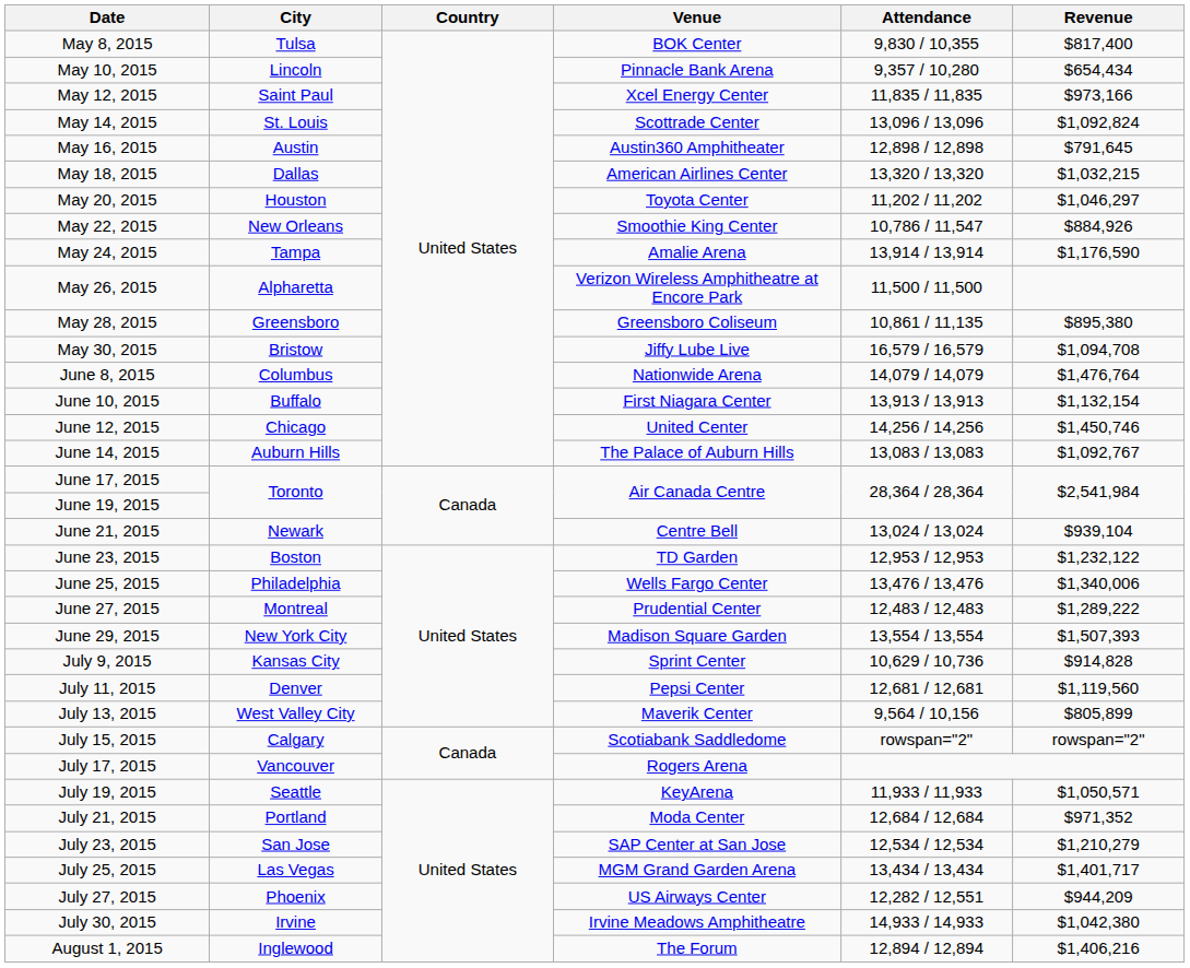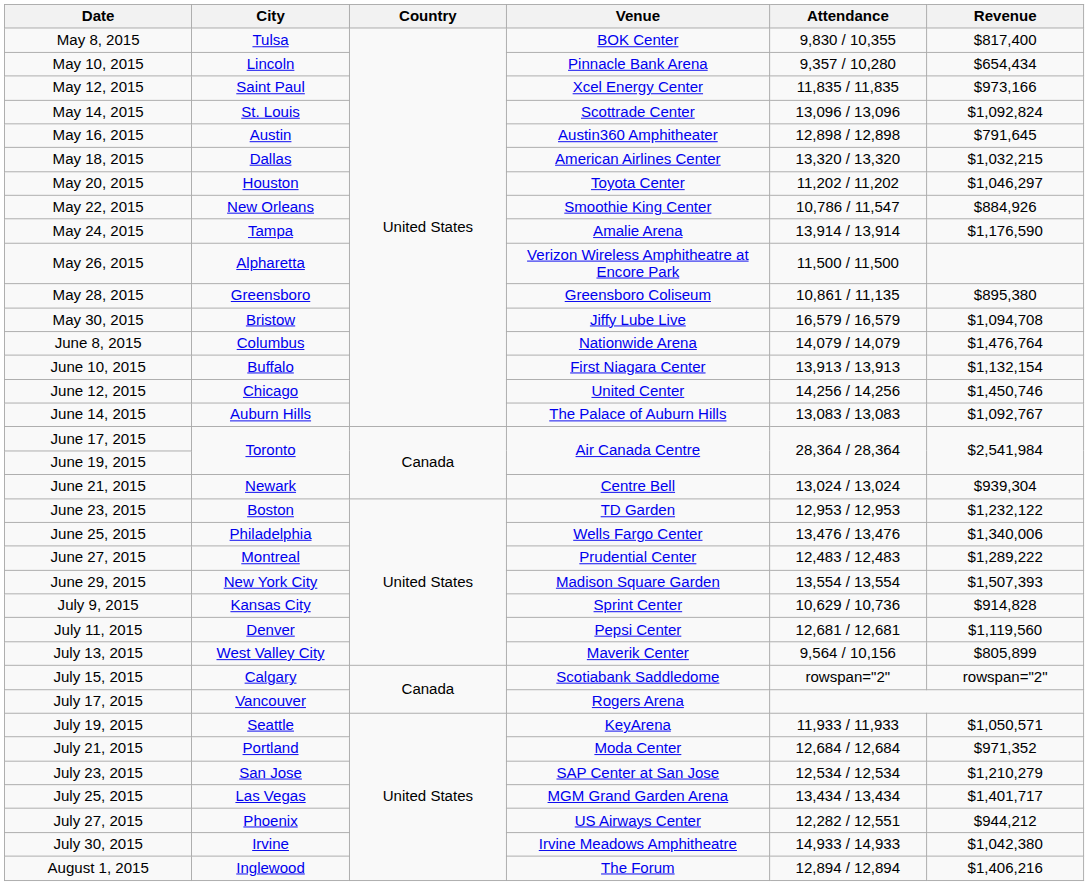 <table class="wikitable" style="text-align:center;">
 <tr>
 <th scope="col" style="width:12em;">Date</th>
 <th scope="col" style="width:10em;">City</th>
 <th scope="col" style="width:10em;">Country</th>
 <th scope="col" style="width:17em;">Venue</th>
 <th scope="col" style="width:10em;">Attendance</th>
 <th scope="col" style="width:10em;">Revenue</th>
 </tr>
 <tr>
 <td>May 8, 2015</td>
 <td><a href='#'>Tulsa</a></td>
 <td rowspan="16">United States</td>
 <td><a href='#'>BOK Center</a></td>
 <td>9,830 / 10,355</td>
 <td>$817,400</td>
 </tr>
 <tr>
 <td>May 10, 2015</td>
 <td><a href='#'>Lincoln</a></td>
 <td><a href='#'>Pinnacle Bank Arena</a></td>
 <td>9,357 / 10,280</td>
 <td>$654,434</td>
 </tr>
 <tr>
 <td>May 12, 2015</td>
 <td><a href='#'>Saint Paul</a></td>
 <td><a href='#'>Xcel Energy Center</a></td>
 <td>11,835 / 11,835</td>
 <td>$973,166</td>
 </tr>
 <tr>
 <td>May 14, 2015</td>
 <td><a href='#'>St. Louis</a></td>
 <td><a href='#'>Scottrade Center</a></td>
 <td>13,096 / 13,096</td>
 <td>$1,092,824</td>
 </tr>
 <tr>
 <td>May 16, 2015</td>
 <td><a href='#'>Austin</a></td>
 <td><a href='#'>Austin360 Amphitheater</a></td>
 <td>12,898 / 12,898</td>
 <td>$791,645</td>
 </tr>
 <tr>
 <td>May 18, 2015</td>
 <td><a href='#'>Dallas</a></td>
 <td><a href='#'>American Airlines Center</a></td>
 <td>13,320 / 13,320</td>
 <td>$1,032,215</td>
 </tr>
 <tr>
 <td>May 20, 2015</td>
 <td><a href='#'>Houston</a></td>
 <td><a href='#'>Toyota Center</a></td>
 <td>11,202 / 11,202</td>
 <td>$1,046,297</td>
 </tr>
 <tr>
 <td>May 22, 2015</td>
 <td><a href='#'>New Orleans</a></td>
 <td><a href='#'>Smoothie King Center</a></td>
 <td>10,786 / 11,547</td>
 <td>$884,926</td>
 </tr>
 <tr>
 <td>May 24, 2015</td>
 <td><a href='#'>Tampa</a></td>
 <td><a href='#'>Amalie Arena</a></td>
 <td>13,914 / 13,914</td>
 <td>$1,176,590</td>
 </tr>
 <tr>
 <td>May 26, 2015</td>
 <td><a href='#'>Alpharetta</a></td>
 <td><a href='#'>Verizon Wireless Amphitheatre at Encore Park</a></td>
 <td>11,500 / 11,500</td>
 <td></td>
 </tr>
 <tr>
 <td>May 28, 2015</td>
 <td><a href='#'>Greensboro</a></td>
 <td><a href='#'>Greensboro Coliseum</a></td>
 <td>10,861 / 11,135</td>
 <td>$895,380</td>
 </tr>
 <tr>
 <td>May 30, 2015</td>
 <td><a href='#'>Bristow</a></td>
 <td><a href='#'>Jiffy Lube Live</a></td>
 <td>16,579 / 16,579</td>
 <td>$1,094,708</td>
 </tr>
 <tr>
 <td>June 8, 2015</td>
 <td><a href='#'>Columbus</a></td>
 <td><a href='#'>Nationwide Arena</a></td>
 <td>14,079 / 14,079</td>
 <td>$1,476,764</td>
 </tr>
 <tr>
 <td>June 10, 2015</td>
 <td><a href='#'>Buffalo</a></td>
 <td><a href='#'>First Niagara Center</a></td>
 <td>13,913 / 13,913</td>
 <td>$1,132,154</td>
 </tr>
 <tr>
 <td>June 12, 2015</td>
 <td><a href='#'>Chicago</a></td>
 <td><a href='#'>United Center</a></td>
 <td>14,256 / 14,256</td>
 <td>$1,450,746</td>
 </tr>
 <tr>
 <td>June 14, 2015</td>
 <td><a href='#'>Auburn Hills</a></td>
 <td><a href='#'>The Palace of Auburn Hills</a></td>
 <td>13,083 / 13,083</td>
 <td>$1,092,767</td>
 </tr>
 <tr>
 <td>June 17, 2015</td>
 <td rowspan="2"><a href='#'>Toronto</a></td>
 <td rowspan="3">Canada</td>
 <td rowspan="2"><a href='#'>Air Canada Centre</a></td>
 <td rowspan="2">28,364 / 28,364</td>
 <td rowspan="2">$2,541,984</td>
 </tr>
 <tr>
 <td>June 19, 2015</td>
 </tr>
 <tr>
 <td>June 21, 2015</td>
 <td><a href='#'>Newark</a></td>
 <td><a href='#'>Centre Bell</a></td>
 <td>13,024 / 13,024</td>
-<td>$939,104</td>
+<td>$939,304</td>
 </tr>
 <tr>
 <td>June 23, 2015</td>
 <td><a href='#'>Boston</a></td>
 <td rowspan="7">United States</td>
 <td><a href='#'>TD Garden</a></td>
 <td>12,953 / 12,953</td>
 <td>$1,232,122</td>
 </tr>
 <tr>
 <td>June 25, 2015</td>
 <td><a href='#'>Philadelphia</a></td>
 <td><a href='#'>Wells Fargo Center</a></td>
 <td>13,476 / 13,476</td>
 <td>$1,340,006</td>
 </tr>
 <tr>
 <td>June 27, 2015</td>
 <td><a href='#'>Montreal</a></td>
 <td><a href='#'>Prudential Center</a></td>
 <td>12,483 / 12,483</td>
 <td>$1,289,222</td>
 </tr>
 <tr>
 <td>June 29, 2015</td>
 <td><a href='#'>New York City</a></td>
 <td><a href='#'>Madison Square Garden</a></td>
 <td>13,554 / 13,554</td>
 <td>$1,507,393</td>
 </tr>
 <tr>
 <td>July 9, 2015</td>
 <td><a href='#'>Kansas City</a></td>
 <td><a href='#'>Sprint Center</a></td>
 <td>10,629 / 10,736</td>
 <td>$914,828</td>
 </tr>
 <tr>
 <td>July 11, 2015</td>
 <td><a href='#'>Denver</a></td>
 <td><a href='#'>Pepsi Center</a></td>
 <td>12,681 / 12,681</td>
 <td>$1,119,560</td>
 </tr>
 <tr>
 <td>July 13, 2015</td>
 <td><a href='#'>West Valley City</a></td>
 <td><a href='#'>Maverik Center</a></td>
 <td>9,564 / 10,156</td>
 <td>$805,899</td>
 </tr>
 <tr>
 <td>July 15, 2015</td>
 <td><a href='#'>Calgary</a></td>
 <td rowspan="2">Canada</td>
 <td><a href='#'>Scotiabank Saddledome</a></td>
 <td>rowspan="2" </td>
 <td>rowspan="2" </td>
 </tr>
 <tr>
 <td>July 17, 2015</td>
 <td><a href='#'>Vancouver</a></td>
 <td><a href='#'>Rogers Arena</a></td>
 </tr>
 <tr>
 <td>July 19, 2015</td>
 <td><a href='#'>Seattle</a></td>
 <td rowspan="7">United States</td>
 <td><a href='#'>KeyArena</a></td>
 <td>11,933 / 11,933</td>
 <td>$1,050,571</td>
 </tr>
 <tr>
 <td>July 21, 2015</td>
 <td><a href='#'>Portland</a></td>
 <td><a href='#'>Moda Center</a></td>
 <td>12,684 / 12,684</td>
 <td>$971,352</td>
 </tr>
 <tr>
 <td>July 23, 2015</td>
 <td><a href='#'>San Jose</a></td>
 <td><a href='#'>SAP Center at San Jose</a></td>
 <td>12,534 / 12,534</td>
 <td>$1,210,279</td>
 </tr>
 <tr>
 <td>July 25, 2015</td>
 <td><a href='#'>Las Vegas</a></td>
 <td><a href='#'>MGM Grand Garden Arena</a></td>
 <td>13,434 / 13,434</td>
 <td>$1,401,717</td>
 </tr>
 <tr>
 <td>July 27, 2015</td>
 <td><a href='#'>Phoenix</a></td>
 <td><a href='#'>US Airways Center</a></td>
 <td>12,282 / 12,551</td>
-<td>$944,209</td>
+<td>$944,212</td>
 </tr>
 <tr>
 <td>July 30, 2015</td>
 <td><a href='#'>Irvine</a></td>
 <td><a href='#'>Irvine Meadows Amphitheatre</a></td>
 <td>14,933 / 14,933</td>
 <td>$1,042,380</td>
 </tr>
 <tr>
 <td>August 1, 2015</td>
 <td><a href='#'>Inglewood</a></td>
 <td><a href='#'>The Forum</a></td>
 <td>12,894 / 12,894</td>
 <td>$1,406,216</td>
 </tr>
 </table>
